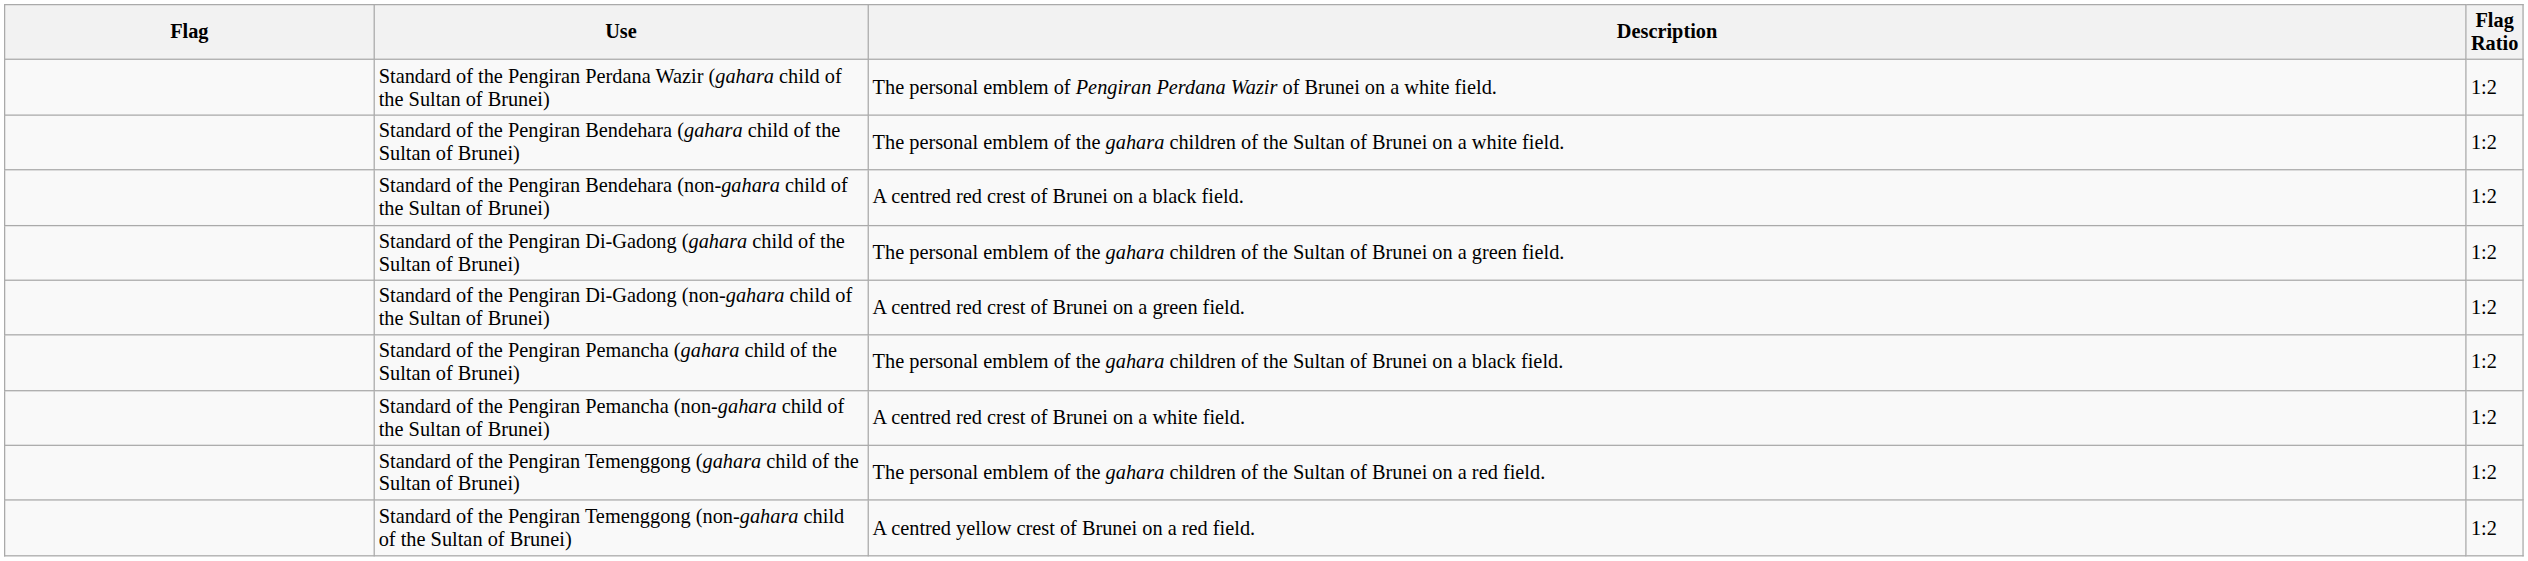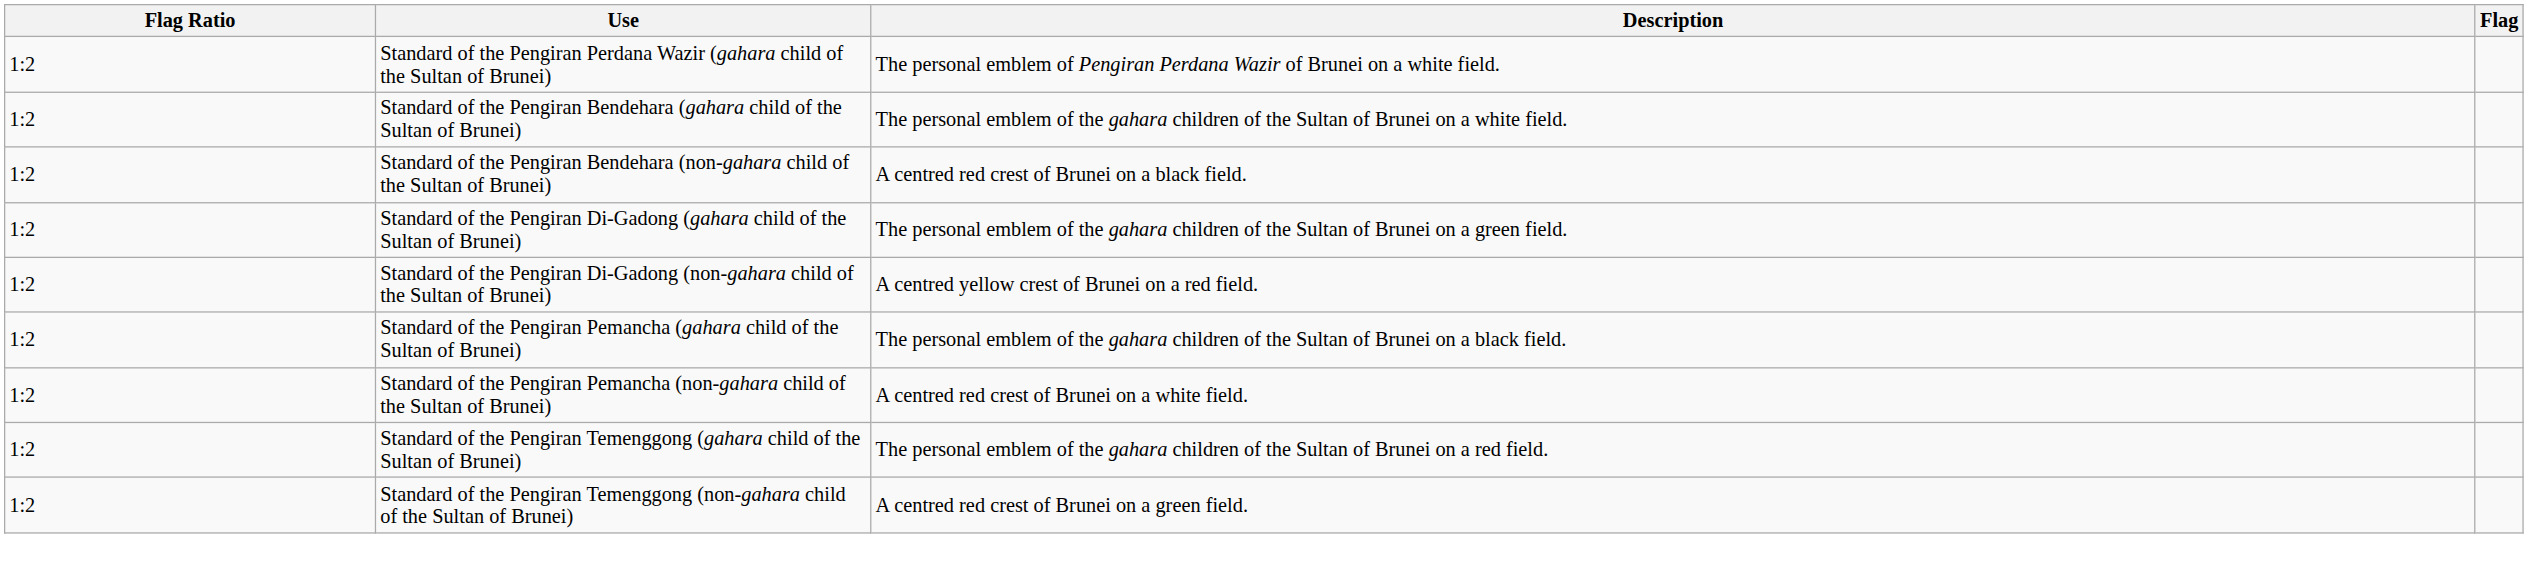 <table class="wikitable" width="100%">
 <tr>
-<th width="15%">Flag</th>
+<th width="15%">Flag Ratio</th>
 <th width="20%">Use</th>
 <th width="85%">Description</th>
-<th width="15%">Flag Ratio</th>
+<th width="15%">Flag</th>
 </tr>
 <tr>
-<td></td>
+<td>1:2</td>
 <td>Standard of the Pengiran Perdana Wazir (<em>gahara</em> child of the Sultan of Brunei)</td>
 <td>The personal emblem of <em>Pengiran Perdana Wazir</em> of Brunei on a white field.</td>
-<td>1:2</td>
+<td></td>
 </tr>
 <tr>
-<td></td>
+<td>1:2</td>
 <td>Standard of the Pengiran Bendehara (<em>gahara</em> child of the Sultan of Brunei)</td>
 <td>The personal emblem of the <em>gahara</em> children of the Sultan of Brunei on a white field.</td>
-<td>1:2</td>
+<td></td>
 </tr>
 <tr>
-<td align="center"></td>
+<td>1:2</td>
 <td>Standard of the Pengiran Bendehara (non-<em>gahara</em> child of the Sultan of Brunei)</td>
 <td>A centred red crest of Brunei on a black field.</td>
-<td>1:2</td>
+<td align="center"></td>
 </tr>
 <tr>
-<td></td>
+<td>1:2</td>
 <td>Standard of the Pengiran Di-Gadong (<em>gahara</em> child of the Sultan of Brunei)</td>
 <td>The personal emblem of the <em>gahara</em> children of the Sultan of Brunei on a green field.</td>
-<td>1:2</td>
+<td></td>
 </tr>
 <tr>
+<td>1:2</td>
+<td>Standard of the Pengiran Di-Gadong (non-<em>gahara</em> child of the Sultan of Brunei)</td>
+<td>A centred yellow crest of Brunei on a red field.</td>
 <td></td>
-<td>Standard of the Pengiran Di-Gadong (non-<em>gahara</em> child of the Sultan of Brunei)</td>
-<td>A centred red crest of Brunei on a green field.</td>
-<td>1:2</td>
 </tr>
 <tr>
-<td></td>
+<td>1:2</td>
 <td>Standard of the Pengiran Pemancha (<em>gahara</em> child of the Sultan of Brunei)</td>
 <td>The personal emblem of the <em>gahara</em> children of the Sultan of Brunei on a black field.</td>
-<td>1:2</td>
+<td></td>
 </tr>
 <tr>
-<td></td>
+<td>1:2</td>
 <td>Standard of the Pengiran Pemancha (non-<em>gahara</em> child of the Sultan of Brunei)</td>
 <td>A centred red crest of Brunei on a white field.</td>
-<td>1:2</td>
+<td></td>
 </tr>
 <tr>
-<td></td>
+<td>1:2</td>
 <td>Standard of the Pengiran Temenggong (<em>gahara</em> child of the Sultan of Brunei)</td>
 <td>The personal emblem of the <em>gahara</em> children of the Sultan of Brunei on a red field.</td>
-<td>1:2</td>
+<td></td>
 </tr>
 <tr>
+<td>1:2</td>
+<td>Standard of the Pengiran Temenggong (non-<em>gahara</em> child of the Sultan of Brunei)</td>
+<td>A centred red crest of Brunei on a green field.</td>
 <td></td>
-<td>Standard of the Pengiran Temenggong (non-<em>gahara</em> child of the Sultan of Brunei)</td>
-<td>A centred yellow crest of Brunei on a red field.</td>
-<td>1:2</td>
 </tr>
 </table>
